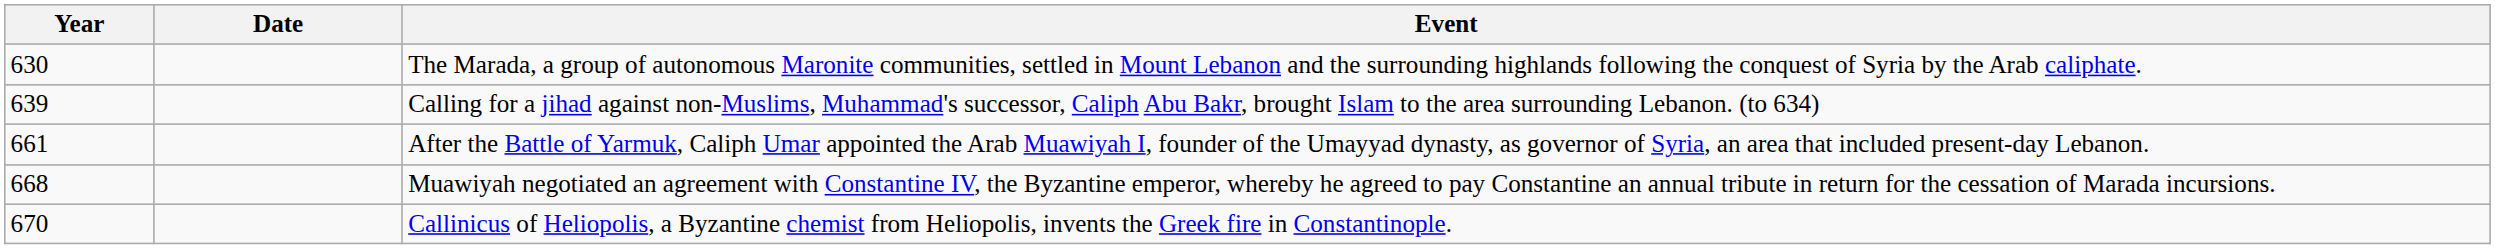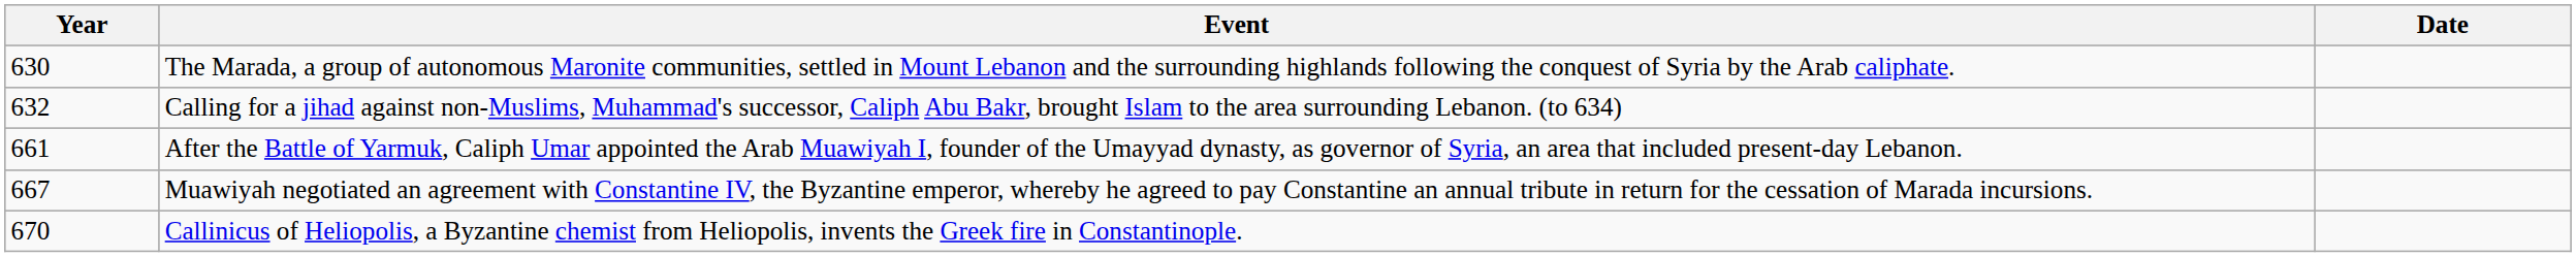 <table class="wikitable" width="100%">
 <tr>
 <th style="width:6%">Year</th>
+<th>Event</th>
 <th style="width:10%">Date</th>
-<th>Event</th>
 </tr>
 <tr>
 <td>630</td>
+<td>The Marada, a group of autonomous <a href='#'>Maronite</a> communities, settled in <a href='#'>Mount Lebanon</a> and the surrounding highlands following the conquest of Syria by the Arab <a href='#'>caliphate</a>.</td>
 <td></td>
-<td>The Marada, a group of autonomous <a href='#'>Maronite</a> communities, settled in <a href='#'>Mount Lebanon</a> and the surrounding highlands following the conquest of Syria by the Arab <a href='#'>caliphate</a>.</td>
 </tr>
 <tr>
-<td>639</td>
+<td>632</td>
+<td>Calling for a <a href='#'>jihad</a> against non-<a href='#'>Muslims</a>, <a href='#'>Muhammad</a>'s successor, <a href='#'>Caliph</a> <a href='#'>Abu Bakr</a>, brought <a href='#'>Islam</a> to the area surrounding Lebanon. (to 634)</td>
 <td></td>
-<td>Calling for a <a href='#'>jihad</a> against non-<a href='#'>Muslims</a>, <a href='#'>Muhammad</a>'s successor, <a href='#'>Caliph</a> <a href='#'>Abu Bakr</a>, brought <a href='#'>Islam</a> to the area surrounding Lebanon. (to 634)</td>
 </tr>
 <tr>
 <td>661</td>
+<td>After the <a href='#'>Battle of Yarmuk</a>, Caliph <a href='#'>Umar</a> appointed the Arab <a href='#'>Muawiyah I</a>, founder of the Umayyad dynasty, as governor of <a href='#'>Syria</a>, an area that included present-day Lebanon.</td>
 <td></td>
-<td>After the <a href='#'>Battle of Yarmuk</a>, Caliph <a href='#'>Umar</a> appointed the Arab <a href='#'>Muawiyah I</a>, founder of the Umayyad dynasty, as governor of <a href='#'>Syria</a>, an area that included present-day Lebanon.</td>
 </tr>
 <tr>
-<td>668</td>
+<td>667</td>
+<td>Muawiyah negotiated an agreement with <a href='#'>Constantine IV</a>, the Byzantine emperor, whereby he agreed to pay Constantine an annual tribute in return for the cessation of Marada incursions.</td>
 <td></td>
-<td>Muawiyah negotiated an agreement with <a href='#'>Constantine IV</a>, the Byzantine emperor, whereby he agreed to pay Constantine an annual tribute in return for the cessation of Marada incursions.</td>
 </tr>
 <tr>
 <td>670</td>
+<td><a href='#'>Callinicus</a> of <a href='#'>Heliopolis</a>, a Byzantine <a href='#'>chemist</a> from Heliopolis, invents the <a href='#'>Greek fire</a> in <a href='#'>Constantinople</a>.</td>
 <td></td>
-<td><a href='#'>Callinicus</a> of <a href='#'>Heliopolis</a>, a Byzantine <a href='#'>chemist</a> from Heliopolis, invents the <a href='#'>Greek fire</a> in <a href='#'>Constantinople</a>.</td>
 </tr>
 </table>
